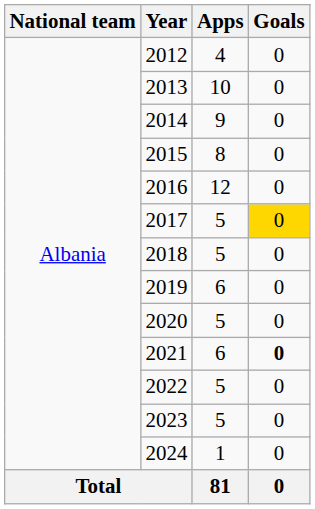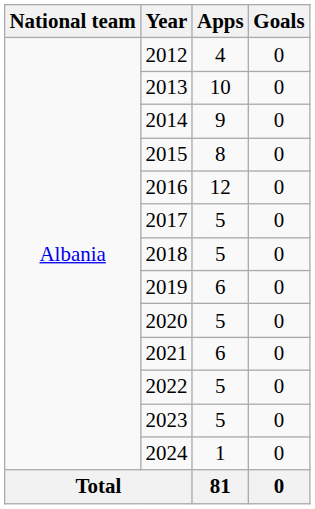 <table class="wikitable" style="text-align:center">
 <tr>
 <th>National team</th>
 <th>Year</th>
 <th>Apps</th>
 <th>Goals</th>
 </tr>
 <tr>
 <td rowspan="13"><a href='#'>Albania</a></td>
 <td>2012</td>
 <td>4</td>
 <td>0</td>
 </tr>
 <tr>
 <td>2013</td>
 <td>10</td>
 <td>0</td>
 </tr>
 <tr>
 <td>2014</td>
 <td>9</td>
 <td>0</td>
 </tr>
 <tr>
 <td>2015</td>
 <td>8</td>
 <td>0</td>
 </tr>
 <tr>
 <td>2016</td>
 <td>12</td>
 <td>0</td>
 </tr>
 <tr>
 <td>2017</td>
 <td>5</td>
-<td style="background: gold;">0</td>
+<td>0</td>
 </tr>
 <tr>
 <td>2018</td>
 <td>5</td>
 <td>0</td>
 </tr>
 <tr>
 <td>2019</td>
 <td>6</td>
 <td>0</td>
 </tr>
 <tr>
 <td>2020</td>
 <td>5</td>
 <td>0</td>
 </tr>
 <tr>
 <td>2021</td>
 <td>6</td>
-<td><strong>0</strong></td>
+<td>0</td>
 </tr>
 <tr>
 <td>2022</td>
 <td>5</td>
 <td>0</td>
 </tr>
 <tr>
 <td>2023</td>
 <td>5</td>
 <td>0</td>
 </tr>
 <tr>
 <td>2024</td>
 <td>1</td>
 <td>0</td>
 </tr>
 <tr>
 <th colspan="2">Total</th>
 <th>81</th>
 <th>0</th>
 </tr>
 </table>
